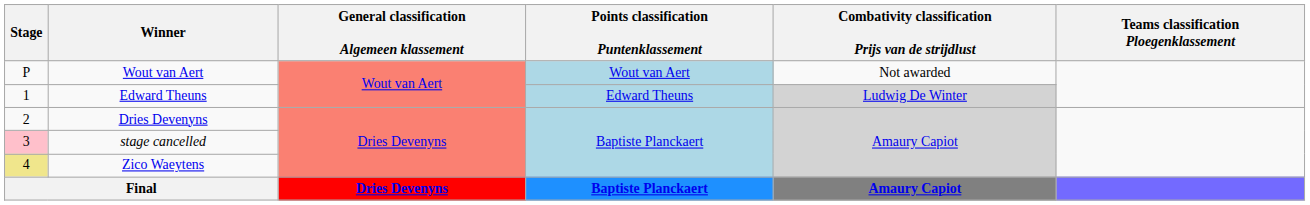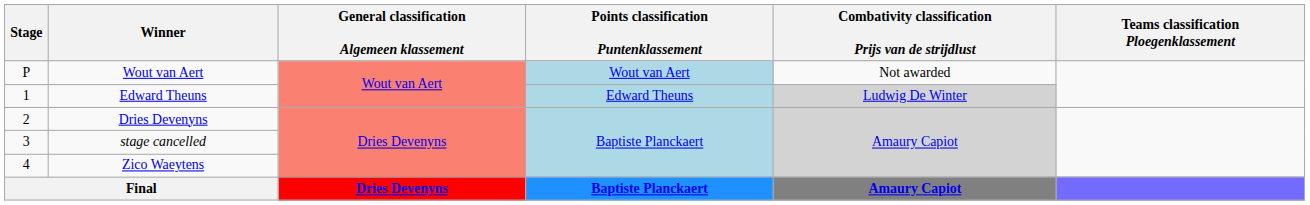 <table class="wikitable" style="text-align: center; font-size:smaller;">
 <tr style="background-color: #efefef;">
 <th width="1%">Stage</th>
 <th width="13%">Winner</th>
 <th width="14%">General classification<br><br><em>Algemeen klassement</em></th>
 <th width="14%">Points classification<br><br><em>Puntenklassement</em></th>
 <th width="16%">Combativity classification<br><br><em>Prijs van de strijdlust</em></th>
 <th width="14%">Teams classification<br><em>Ploegenklassement</em></th>
 </tr>
 <tr>
 <td>P</td>
 <td><a href='#'>Wout van Aert</a></td>
 <td style="background:salmon" rowspan=2><a href='#'>Wout van Aert</a></td>
 <td style="background:lightblue;"><a href='#'>Wout van Aert</a></td>
 <td>Not awarded</td>
 <td rowspan=2></td>
 </tr>
 <tr>
 <td>1</td>
 <td><a href='#'>Edward Theuns</a></td>
 <td style="background:lightblue;"><a href='#'>Edward Theuns</a></td>
 <td style="background:lightgrey;"><a href='#'>Ludwig De Winter</a></td>
 </tr>
 <tr>
 <td>2</td>
 <td><a href='#'>Dries Devenyns</a></td>
 <td style="background:salmon" rowspan=3><a href='#'>Dries Devenyns</a></td>
 <td style="background:lightblue;" rowspan=3><a href='#'>Baptiste Planckaert</a></td>
 <td style="background:lightgrey;" rowspan=3><a href='#'>Amaury Capiot</a></td>
 <td rowspan=3></td>
 </tr>
 <tr>
-<td style="background: pink;">3</td>
+<td>3</td>
 <td><em>stage cancelled</em> </td>
 </tr>
 <tr>
-<td style="background: khaki;">4</td>
+<td>4</td>
 <td><a href='#'>Zico Waeytens</a></td>
 </tr>
 <tr>
 <th colspan=2><strong>Final</strong></th>
 <th style="background:red;"><a href='#'>Dries Devenyns</a></th>
 <th style="background:dodgerblue;"><a href='#'>Baptiste Planckaert</a></th>
 <th style="background:grey;"><a href='#'>Amaury Capiot</a></th>
 <th style="background:#736AFF;"></th>
 </tr>
 </table>
